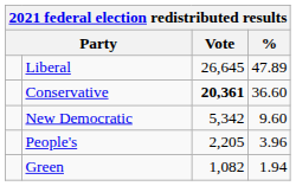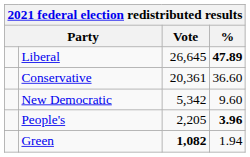 <table class="wikitable">
 <tr>
 <th colspan="4"><a href='#'>2021 federal election</a> redistributed results</th>
 </tr>
 <tr>
 <th bgcolor="#DDDDFF" width="130px" colspan="2">Party</th>
 <th bgcolor="#DDDDFF" width="50px">Vote</th>
 <th bgcolor="#DDDDFF" width="30px">%</th>
 </tr>
 <tr>
 <td> </td>
 <td><a href='#'>Liberal</a></td>
 <td align=right>26,645</td>
-<td align=right>47.89</td>
+<td align=right><strong>47.89</strong></td>
 </tr>
 <tr>
 <td> </td>
 <td><a href='#'>Conservative</a></td>
-<td align=right><strong>20,361</strong></td>
+<td align=right>20,361</td>
 <td align=right>36.60</td>
 </tr>
 <tr>
 <td> </td>
 <td><a href='#'>New Democratic</a></td>
 <td align=right>5,342</td>
 <td align=right>9.60</td>
 </tr>
 <tr>
 <td> </td>
 <td><a href='#'>People's</a></td>
 <td align=right>2,205</td>
-<td align=right>3.96</td>
+<td align=right><strong>3.96</strong></td>
 </tr>
 <tr>
 <td> </td>
 <td><a href='#'>Green</a></td>
-<td align=right>1,082</td>
+<td align=right><strong>1,082</strong></td>
 <td align=right>1.94</td>
 </tr>
 </table>
